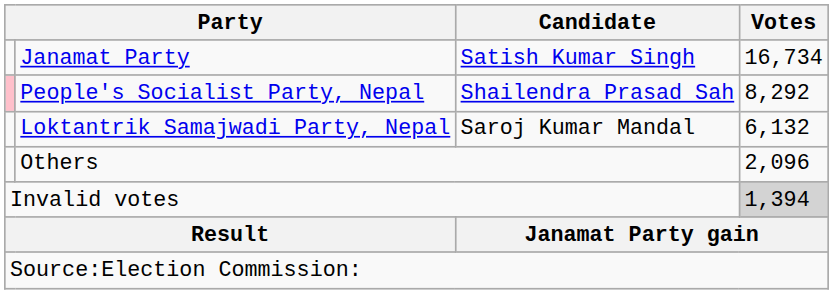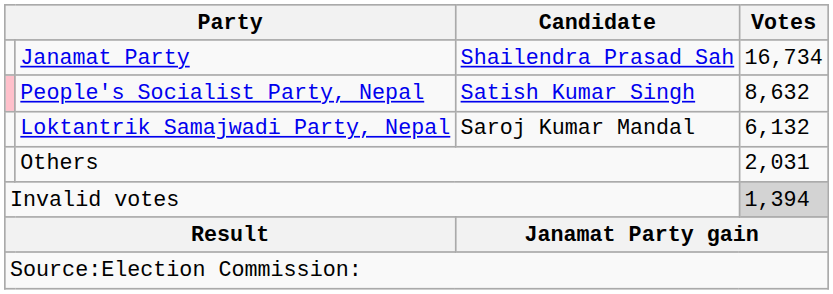 <table class="wikitable">
 <tr>
 <th colspan="2">Party</th>
 <th>Candidate</th>
 <th>Votes</th>
 </tr>
 <tr>
 <td style="background-color:"></td>
 <td><a href='#'>Janamat Party</a></td>
-<td><a href='#'>Satish Kumar Singh</a></td>
+<td><a href='#'>Shailendra Prasad Sah</a></td>
 <td>16,734</td>
 </tr>
 <tr>
 <td style="background-color:pink"></td>
 <td><a href='#'>People's Socialist Party, Nepal</a></td>
-<td><a href='#'>Shailendra Prasad Sah</a></td>
-<td>8,292</td>
+<td><a href='#'>Satish Kumar Singh</a></td>
+<td>8,632</td>
 </tr>
 <tr>
 <td style="background-color:"></td>
 <td><a href='#'>Loktantrik Samajwadi Party, Nepal</a></td>
 <td>Saroj Kumar Mandal</td>
 <td>6,132</td>
 </tr>
 <tr>
 <td></td>
 <td colspan="2">Others</td>
-<td>2,096</td>
+<td>2,031</td>
 </tr>
 <tr>
 <td colspan="3">Invalid votes</td>
 <td style="background: lightgrey;">1,394</td>
 </tr>
 <tr>
 <th colspan="2">Result</th>
 <th colspan="2">Janamat Party gain</th>
 </tr>
 <tr>
 <td colspan="4">Source:Election Commission:</td>
 </tr>
 </table>
